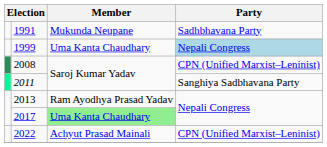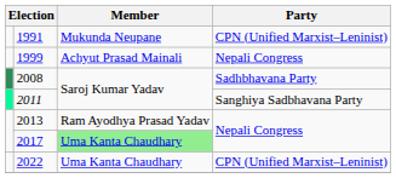 <table class="wikitable">
 <tr>
 <th colspan="2">Election</th>
 <th>Member</th>
 <th>Party</th>
 </tr>
 <tr>
 <td style="background-color:"></td>
 <td><a href='#'>1991</a></td>
 <td><a href='#'>Mukunda Neupane</a></td>
-<td><a href='#'>Sadhbhavana Party</a></td>
+<td><a href='#'>CPN (Unified Marxist–Leninist)</a></td>
 </tr>
 <tr>
 <td style="background-color:"></td>
 <td><a href='#'>1999</a></td>
-<td><a href='#'>Uma Kanta Chaudhary</a></td>
-<td style="background: lightblue;"><a href='#'>Nepali Congress</a></td>
+<td><a href='#'>Achyut Prasad Mainali</a></td>
+<td><a href='#'>Nepali Congress</a></td>
 </tr>
 <tr>
 <td style="background-color:seagreen"></td>
 <td>2008</td>
 <td rowspan="2">Saroj Kumar Yadav</td>
-<td><a href='#'>CPN (Unified Marxist–Leninist)</a></td>
+<td><a href='#'>Sadhbhavana Party</a></td>
 </tr>
 <tr>
 <td style="background-color:mediumspringgreen"></td>
 <td><em>2011</em></td>
 <td>Sanghiya Sadbhavana Party</td>
 </tr>
 <tr>
 <td rowspan="2" style="background-color:"></td>
 <td>2013</td>
 <td>Ram Ayodhya Prasad Yadav</td>
 <td rowspan="2"><a href='#'>Nepali Congress</a></td>
 </tr>
 <tr>
 <td><a href='#'>2017</a></td>
 <td style="background: lightgreen;"><a href='#'>Uma Kanta Chaudhary</a></td>
 </tr>
 <tr>
 <td style="background-color:"></td>
 <td><a href='#'>2022</a></td>
-<td><a href='#'>Achyut Prasad Mainali</a></td>
+<td><a href='#'>Uma Kanta Chaudhary</a></td>
 <td><a href='#'>CPN (Unified Marxist–Leninist)</a></td>
 </tr>
 <tr>
 </tr>
 </table>
